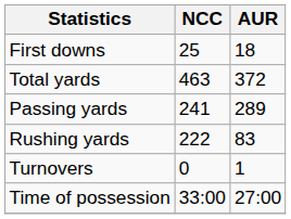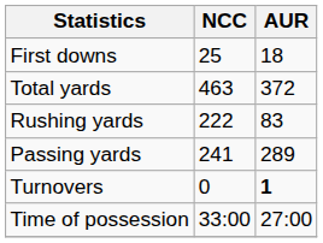 <table class="wikitable">
 <tr>
 <th>Statistics</th>
 <th>NCC</th>
 <th>AUR</th>
 </tr>
 <tr>
 <td>First downs</td>
 <td>25</td>
 <td>18</td>
 </tr>
 <tr>
 <td>Total yards</td>
 <td>463</td>
 <td>372</td>
 </tr>
 <tr>
+<td>Rushing yards</td>
+<td>222</td>
+<td>83</td>
+</tr>
+<tr>
 <td>Passing yards</td>
 <td>241</td>
 <td>289</td>
 </tr>
 <tr>
-<td>Rushing yards</td>
-<td>222</td>
-<td>83</td>
-</tr>
-<tr>
 <td>Turnovers</td>
 <td>0</td>
-<td>1</td>
+<td><strong>1</strong></td>
 </tr>
 <tr>
 <td>Time of possession</td>
 <td>33:00</td>
 <td>27:00</td>
 </tr>
 <tr>
 </tr>
 </table>
